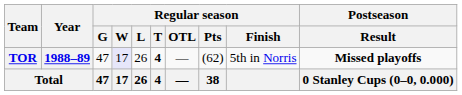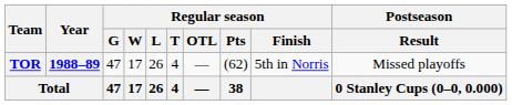 <table class="wikitable" style="font-size:95%; text-align:center;">
 <tr>
 <th rowspan="2">Team</th>
 <th rowspan="2">Year</th>
 <th colspan="7">Regular season</th>
 <th>Postseason</th>
 </tr>
 <tr>
 <th>G</th>
 <th>W</th>
 <th>L</th>
 <th>T</th>
 <th>OTL</th>
 <th>Pts</th>
 <th>Finish</th>
 <th>Result</th>
 </tr>
 <tr>
 <th><a href='#'>TOR</a></th>
 <th><a href='#'>1988–89</a></th>
 <td>47</td>
-<td style="background: lavender;">17</td>
+<td>17</td>
 <td>26</td>
-<td><strong>4</strong></td>
+<td>4</td>
 <td>—</td>
 <td>(62)</td>
 <td>5th in <a href='#'>Norris</a></td>
-<td><strong>Missed playoffs</strong></td>
+<td>Missed playoffs</td>
 </tr>
 <tr>
 <th colspan="2">Total</th>
 <th>47</th>
 <th>17</th>
 <th>26</th>
 <th>4</th>
 <th>—</th>
 <th>38</th>
 <th></th>
 <th>0 Stanley Cups (0–0, 0.000)</th>
 </tr>
 </table>
